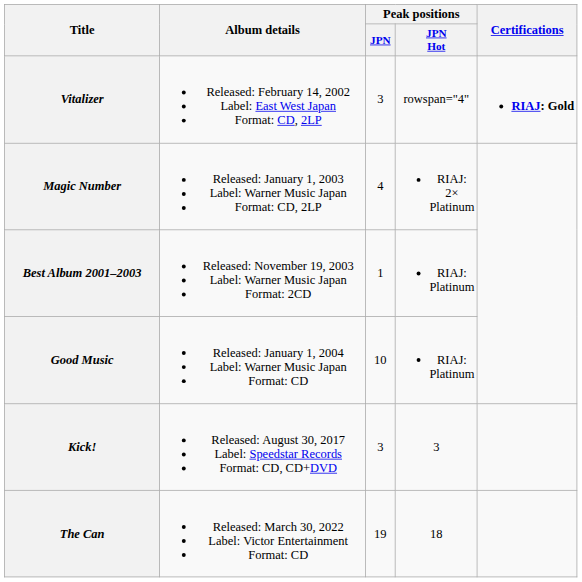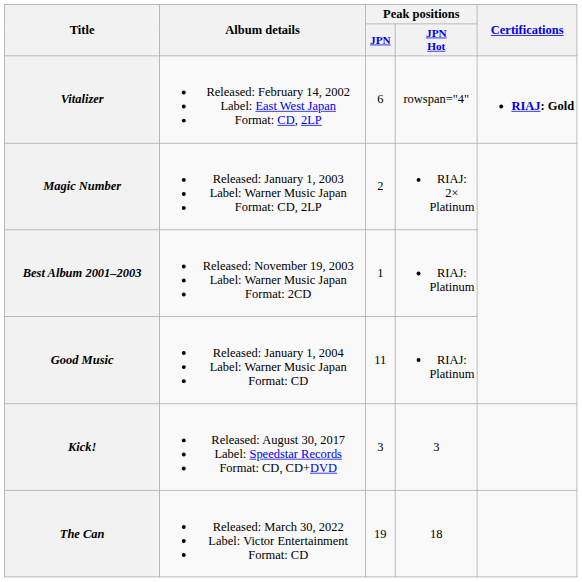 <table class="wikitable plainrowheaders" style="text-align:center;" border="1">
 <tr>
 <th scope="col" rowspan="2" style="width:12em;">Title</th>
 <th scope="col" rowspan="2" style="width:16em;">Album details</th>
 <th scope="col" colspan="2">Peak positions</th>
 <th scope="col" rowspan="2"><a href='#'>Certifications</a></th>
 </tr>
 <tr>
 <th scope="col" style="width:2.2em;font-size:90%;"><a href='#'>JPN</a><br></th>
 <th scope="col" style="width:2.2em;font-size:90%;"><a href='#'>JPN<br>Hot</a><br></th>
 </tr>
 <tr>
 <th scope="row"><em>Vitalizer</em></th>
 <td><br><ul><li>Released: February 14, 2002</li><li>Label: <a href='#'>East West Japan</a></li><li>Format: <a href='#'>CD</a>, <a href='#'>2LP</a></li></ul></td>
-<td>3</td>
+<td>6</td>
 <td>rowspan="4" </td>
 <td><strong><br><ul><li><a href='#'>RIAJ</a>: Gold</li></ul></strong></td>
 </tr>
 <tr>
 <th scope="row"><em>Magic Number</em></th>
 <td><br><ul><li>Released: January 1, 2003</li><li>Label: Warner Music Japan</li><li>Format: CD, 2LP</li></ul></td>
-<td>4</td>
+<td>2</td>
 <td><br><ul><li>RIAJ: 2× Platinum</li></ul></td>
 </tr>
 <tr>
 <th scope="row"><em>Best Album 2001–2003</em></th>
 <td><br><ul><li>Released: November 19, 2003</li><li>Label: Warner Music Japan</li><li>Format: 2CD</li></ul></td>
 <td>1</td>
 <td><br><ul><li>RIAJ: Platinum</li></ul></td>
 </tr>
 <tr>
 <th scope="row"><em>Good Music</em></th>
 <td><br><ul><li>Released: January 1, 2004</li><li>Label: Warner Music Japan</li><li>Format: CD</li></ul></td>
-<td>10</td>
+<td>11</td>
 <td><br><ul><li>RIAJ: Platinum</li></ul></td>
 </tr>
 <tr>
 <th scope="row"><em>Kick!</em></th>
 <td><br><ul><li>Released: August 30, 2017</li><li>Label: <a href='#'>Speedstar Records</a></li><li>Format: CD, CD+<a href='#'>DVD</a></li></ul></td>
 <td>3</td>
 <td>3</td>
 <td></td>
 </tr>
 <tr>
 <th scope="row"><em>The Can</em></th>
 <td><br><ul><li>Released: March 30, 2022</li><li>Label: Victor Entertainment</li><li>Format: CD</li></ul></td>
 <td>19</td>
 <td>18</td>
 <td></td>
 </tr>
 </table>
